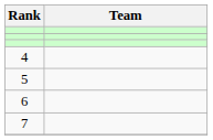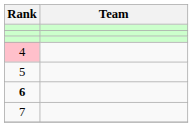 <table class=wikitable style="text-align:center;">
 <tr>
 <th>Rank</th>
 <th width=180>Team</th>
 </tr>
 <tr bgcolor=#CCFFCC>
 <td></td>
 <td align=left></td>
 </tr>
 <tr bgcolor=#CCFFCC>
 <td></td>
 <td align=left></td>
 </tr>
 <tr bgcolor=#CCFFCC>
 <td></td>
 <td align=left></td>
 </tr>
 <tr>
-<td>4</td>
+<td style="background: pink;">4</td>
 <td align=left></td>
 </tr>
 <tr>
 <td>5</td>
 <td align=left></td>
 </tr>
 <tr>
-<td>6</td>
+<td><strong>6</strong></td>
 <td align=left></td>
 </tr>
 <tr>
 <td>7</td>
 <td align=left></td>
 </tr>
 <tr>
 </tr>
 </table>
